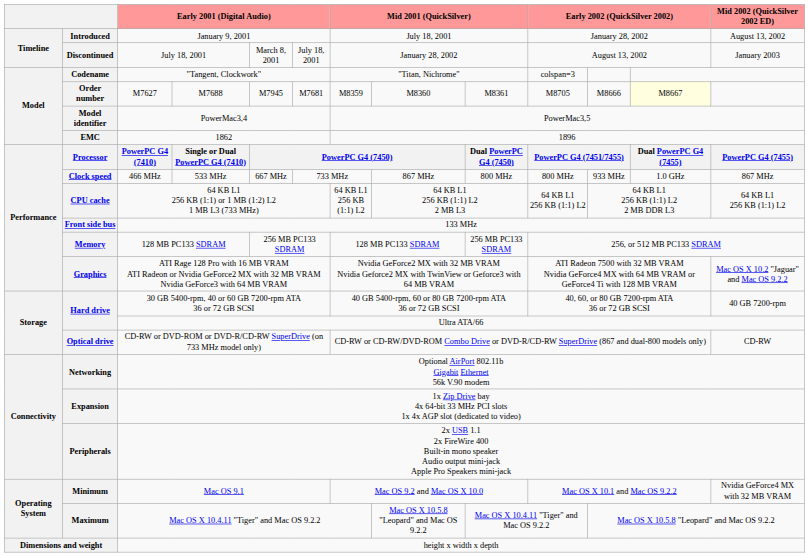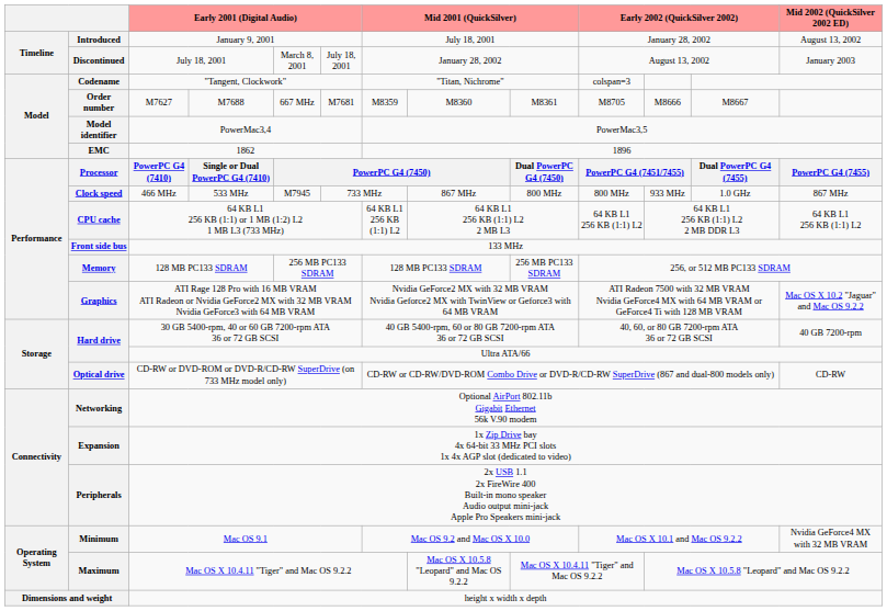 <table class="wikitable mw-collapsible" style="font-size:small; text-align:center">
 <tr>
 <th colspan=2></th>
 <th colspan=4 style="background:#FF9999">Early 2001 (Digital Audio)</th>
 <th colspan=3 style="background:#FF9999">Mid 2001 (QuickSilver)</th>
 <th colspan=3 style="background:#FF9999">Early 2002 (QuickSilver 2002)</th>
 <th style="background:#FF9999">Mid 2002 (QuickSilver 2002 ED)</th>
 </tr>
 <tr>
 <th rowspan=2>Timeline</th>
 <th>Introduced</th>
 <td colspan=4>January 9, 2001</td>
 <td colspan=3>July 18, 2001</td>
 <td colspan=3>January 28, 2002</td>
 <td>August 13, 2002</td>
 </tr>
 <tr>
 <th>Discontinued</th>
 <td colspan=2>July 18, 2001</td>
 <td>March 8, 2001</td>
 <td>July 18, 2001</td>
 <td colspan=3>January 28, 2002</td>
 <td colspan=3>August 13, 2002</td>
 <td>January 2003</td>
 </tr>
 <tr>
 <th rowspan=4>Model</th>
 <th>Codename</th>
 <td colspan=4>"Tangent, Clockwork"</td>
 <td colspan=3>"Titan, Nichrome"</td>
 <td>colspan=3 </td>
 <td></td>
 </tr>
 <tr>
 <th>Order number</th>
 <td>M7627</td>
 <td>M7688</td>
-<td>M7945</td>
+<td>667 MHz</td>
 <td>M7681</td>
 <td>M8359</td>
 <td>M8360</td>
 <td>M8361</td>
 <td>M8705</td>
 <td>M8666</td>
-<td style="background: lightyellow;">M8667</td>
+<td>M8667</td>
 <td></td>
 </tr>
 <tr>
 <th>Model identifier</th>
 <td colspan=4>PowerMac3,4</td>
 <td colspan=7>PowerMac3,5</td>
 </tr>
 <tr>
 <th>EMC</th>
 <td colspan=4>1862</td>
 <td colspan=7>1896</td>
 </tr>
 <tr>
 <th rowspan=6>Performance</th>
 <th><a href='#'>Processor</a></th>
 <th><a href='#'>PowerPC G4 (7410)</a></th>
 <th>Single or Dual <a href='#'>PowerPC G4 (7410)</a></th>
 <th colspan=4><a href='#'>PowerPC G4 (7450)</a></th>
 <th>Dual <a href='#'>PowerPC G4 (7450)</a></th>
 <th colspan=2><a href='#'>PowerPC G4 (7451/7455)</a></th>
 <th>Dual <a href='#'>PowerPC G4 (7455)</a></th>
 <th><a href='#'>PowerPC G4 (7455)</a></th>
 </tr>
 <tr>
 <th><a href='#'>Clock speed</a></th>
 <td>466 MHz</td>
 <td>533 MHz</td>
-<td>667 MHz</td>
+<td>M7945</td>
 <td colspan=2>733 MHz</td>
 <td>867 MHz</td>
 <td>800 MHz</td>
 <td>800 MHz</td>
 <td>933 MHz</td>
 <td>1.0 GHz</td>
 <td>867 MHz</td>
 </tr>
 <tr>
 <th><a href='#'>CPU cache</a></th>
 <td colspan=4>64 KB L1<br>256 KB (1:1) or 1 MB (1:2) L2<br>1 MB L3 (733 MHz)</td>
 <td>64 KB L1<br>256 KB (1:1) L2</td>
 <td colspan=2>64 KB L1<br>256 KB (1:1) L2<br>2 MB L3</td>
 <td>64 KB L1<br>256 KB (1:1) L2</td>
 <td colspan=2>64 KB L1<br>256 KB (1:1) L2<br>2 MB DDR L3</td>
 <td>64 KB L1<br>256 KB (1:1) L2</td>
 </tr>
 <tr>
 <th><a href='#'>Front side bus</a></th>
 <td colspan="11">133 MHz</td>
 </tr>
 <tr>
 <th><a href='#'>Memory</a></th>
 <td colspan=2>128 MB PC133 <a href='#'>SDRAM</a><br><em></em></td>
 <td colspan=2>256 MB PC133 <a href='#'>SDRAM</a><br><em></em></td>
 <td colspan=2>128 MB PC133 <a href='#'>SDRAM</a><br><em></em></td>
 <td>256 MB PC133 <a href='#'>SDRAM</a><br><em></em></td>
 <td colspan=4>256, or 512 MB PC133 <a href='#'>SDRAM</a><br><em></em></td>
 </tr>
 <tr>
 <th><a href='#'>Graphics</a></th>
 <td colspan=4>ATI Rage 128 Pro with 16 MB VRAM<br>ATI Radeon or Nvidia GeForce2 MX with 32 MB VRAM<br>Nvidia GeForce3 with 64 MB VRAM</td>
 <td colspan=3>Nvidia GeForce2 MX with 32 MB VRAM<br>Nvidia Geforce2 MX with TwinView or Geforce3 with 64 MB VRAM</td>
 <td colspan=3>ATI Radeon 7500 with 32 MB VRAM<br>Nvidia GeForce4 MX with 64 MB VRAM or GeForce4 Ti with 128 MB VRAM</td>
 <td><a href='#'>Mac OS X 10.2</a> "Jaguar" and <a href='#'>Mac OS 9.2.2</a></td>
 </tr>
 <tr>
 <th rowspan=3>Storage</th>
 <th rowspan=2><a href='#'>Hard drive</a></th>
 <td colspan=4>30 GB 5400-rpm, 40 or 60 GB 7200-rpm ATA<br>36 or 72 GB SCSI<br></td>
 <td colspan=3>40 GB 5400-rpm, 60 or 80 GB 7200-rpm ATA<br>36 or 72 GB SCSI<br></td>
 <td colspan=3>40, 60, or 80 GB 7200-rpm ATA<br>36 or 72 GB SCSI<br></td>
 <td>40 GB 7200-rpm<br></td>
 </tr>
 <tr>
 <td colspan=11>Ultra ATA/66 <em></em></td>
 </tr>
 <tr>
 <th><a href='#'>Optical drive</a></th>
 <td colspan=4>CD-RW or DVD-ROM or DVD-R/CD-RW <a href='#'>SuperDrive</a> (on 733 MHz model only)</td>
 <td colspan=6>CD-RW or CD-RW/DVD-ROM <a href='#'>Combo Drive</a> or DVD-R/CD-RW <a href='#'>SuperDrive</a> (867 and dual-800 models only)</td>
 <td>CD-RW</td>
 </tr>
 <tr>
 <th rowspan=3>Connectivity</th>
 <th>Networking</th>
 <td colspan=11>Optional <a href='#'>AirPort</a> 802.11b<br><a href='#'>Gigabit</a> <a href='#'>Ethernet</a><br>56k V.90 modem</td>
 </tr>
 <tr>
 <th>Expansion</th>
 <td colspan=11>1x <a href='#'>Zip Drive</a> bay <em></em><br>4x 64-bit 33 MHz PCI slots<br>1x 4x AGP slot (dedicated to video)</td>
 </tr>
 <tr>
 <th>Peripherals</th>
 <td colspan=11>2x <a href='#'>USB</a> 1.1<br>2x FireWire 400<br>Built-in mono speaker<br>Audio output mini-jack<br>Apple Pro Speakers mini-jack</td>
 </tr>
 <tr>
 <th rowspan="2">Operating System</th>
 <th>Minimum</th>
 <td colspan="4"><a href='#'>Mac OS 9.1</a></td>
 <td colspan="3"><a href='#'>Mac OS 9.2</a> and <a href='#'>Mac OS X 10.0</a></td>
 <td colspan="3"><a href='#'>Mac OS X 10.1</a> and <a href='#'>Mac OS 9.2.2</a></td>
 <td>Nvidia GeForce4 MX with 32 MB VRAM</td>
 </tr>
 <tr>
 <th>Maximum</th>
 <td colspan="5"><a href='#'>Mac OS X 10.4.11</a> "Tiger" and Mac OS 9.2.2<br><em></em></td>
 <td><a href='#'>Mac OS X 10.5.8</a> "Leopard" and Mac OS 9.2.2</td>
 <td colspan="2"><a href='#'>Mac OS X 10.4.11</a> "Tiger" and Mac OS 9.2.2<br><em></em></td>
 <td colspan="3"><a href='#'>Mac OS X 10.5.8</a> "Leopard" and Mac OS 9.2.2</td>
 </tr>
 <tr>
 <th colspan=2>Dimensions and weight</th>
 <td colspan=11> height x  width x  depth <br></td>
 </tr>
 </table>
